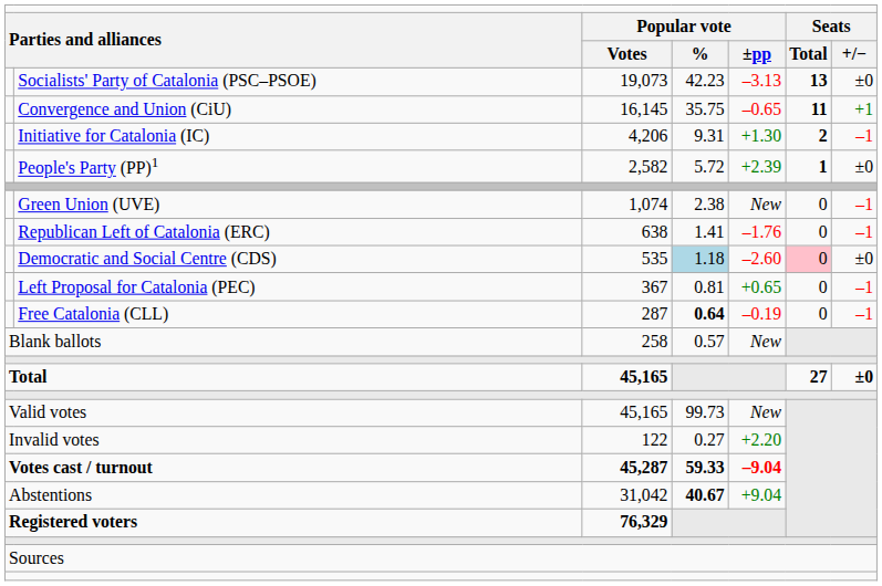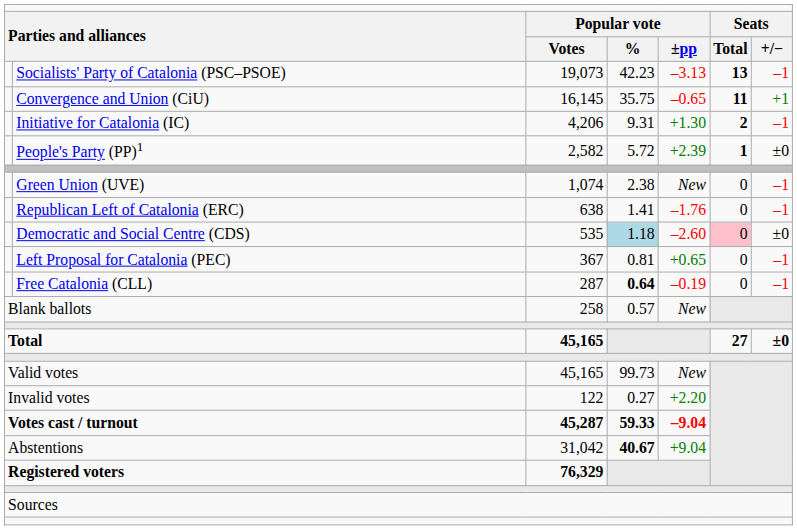 <table class="wikitable" style="text-align:right;">
 <tr>
 <td colspan="7"></td>
 </tr>
 <tr>
 <th style="text-align:left;" rowspan="2" colspan="2" width="525">Parties and alliances</th>
 <th colspan="3">Popular vote</th>
 <th colspan="2">Seats</th>
 </tr>
 <tr>
 <th width="75">Votes</th>
 <th width="45">%</th>
 <th width="45">±<a href='#'>pp</a></th>
 <th width="35">Total</th>
 <th width="35">+/−</th>
 </tr>
 <tr>
 <td width="1" style="color:inherit;background:"></td>
 <td align="left"><a href='#'>Socialists' Party of Catalonia</a> (PSC–PSOE)</td>
 <td>19,073</td>
 <td>42.23</td>
 <td style="color:red;">–3.13</td>
 <td><strong>13</strong></td>
-<td>±0</td>
+<td style="color:red;">–1</td>
 </tr>
 <tr>
 <td style="color:inherit;background:"></td>
 <td align="left"><a href='#'>Convergence and Union</a> (CiU)</td>
 <td>16,145</td>
 <td>35.75</td>
 <td style="color:red;">–0.65</td>
 <td><strong>11</strong></td>
 <td style="color:green;">+1</td>
 </tr>
 <tr>
 <td style="color:inherit;background:"></td>
 <td align="left"><a href='#'>Initiative for Catalonia</a> (IC)</td>
 <td>4,206</td>
 <td>9.31</td>
 <td style="color:green;">+1.30</td>
 <td><strong>2</strong></td>
 <td style="color:red;">–1</td>
 </tr>
 <tr>
 <td style="color:inherit;background:"></td>
 <td align="left"><a href='#'>People's Party</a> (PP)<sup>1</sup></td>
 <td>2,582</td>
 <td>5.72</td>
 <td style="color:green;">+2.39</td>
 <td><strong>1</strong></td>
 <td>±0</td>
 </tr>
 <tr>
 <td colspan="7" style="color:inherit;background:#C0C0C0"></td>
 </tr>
 <tr>
 <td style="color:inherit;background:"></td>
 <td align="left"><a href='#'>Green Union</a> (UVE)</td>
 <td>1,074</td>
 <td>2.38</td>
 <td><em>New</em></td>
 <td>0</td>
 <td style="color:red;">–1</td>
 </tr>
 <tr>
 <td style="color:inherit;background:"></td>
 <td align="left"><a href='#'>Republican Left of Catalonia</a> (ERC)</td>
 <td>638</td>
 <td>1.41</td>
 <td style="color:red;">–1.76</td>
 <td>0</td>
 <td style="color:red;">–1</td>
 </tr>
 <tr>
 <td style="color:inherit;background:"></td>
 <td align="left"><a href='#'>Democratic and Social Centre</a> (CDS)</td>
 <td>535</td>
 <td style="background: lightblue;">1.18</td>
 <td style="color:red;">–2.60</td>
 <td style="background: pink;">0</td>
 <td>±0</td>
 </tr>
 <tr>
 <td style="color:inherit;background:"></td>
 <td align="left"><a href='#'>Left Proposal for Catalonia</a> (PEC)</td>
 <td>367</td>
 <td>0.81</td>
 <td style="color:green;">+0.65</td>
 <td>0</td>
 <td style="color:red;">–1</td>
 </tr>
 <tr>
 <td style="color:inherit;background:"></td>
 <td align="left"><a href='#'>Free Catalonia</a> (CLL)</td>
 <td>287</td>
 <td><strong>0.64</strong></td>
 <td style="color:red;">–0.19</td>
 <td>0</td>
 <td style="color:red;">–1</td>
 </tr>
 <tr>
 <td align="left" colspan="2">Blank ballots</td>
 <td>258</td>
 <td>0.57</td>
 <td><em>New</em></td>
 <td style="color:inherit;background:#E9E9E9" colspan="2"></td>
 </tr>
 <tr>
 <td colspan="7" style="color:inherit;background:#E9E9E9"></td>
 </tr>
 <tr style="font-weight:bold;">
 <td align="left" colspan="2">Total</td>
 <td>45,165</td>
 <td bgcolor="#E9E9E9" colspan="2"></td>
 <td>27</td>
 <td>±0</td>
 </tr>
 <tr>
 <td colspan="7" style="color:inherit;background:#E9E9E9"></td>
 </tr>
 <tr>
 <td align="left" colspan="2">Valid votes</td>
 <td>45,165</td>
 <td>99.73</td>
 <td><em>New</em></td>
 <td bgcolor="#E9E9E9" colspan="2" rowspan="5"></td>
 </tr>
 <tr>
 <td align="left" colspan="2">Invalid votes</td>
 <td>122</td>
 <td>0.27</td>
 <td style="color:green;">+2.20</td>
 </tr>
 <tr style="font-weight:bold;">
 <td align="left" colspan="2">Votes cast / turnout</td>
 <td>45,287</td>
 <td>59.33</td>
 <td style="color:red;">–9.04</td>
 </tr>
 <tr>
 <td align="left" colspan="2">Abstentions</td>
 <td>31,042</td>
 <td><strong>40.67</strong></td>
 <td style="color:green;">+9.04</td>
 </tr>
 <tr style="font-weight:bold;">
 <td align="left" colspan="2">Registered voters</td>
 <td>76,329</td>
 <td bgcolor="#E9E9E9" colspan="2"></td>
 </tr>
 <tr>
 <td colspan="7" style="color:inherit;background:#E9E9E9"></td>
 </tr>
 <tr>
 <td align="left" colspan="7">Sources</td>
 </tr>
 <tr>
 <td colspan="7" style="text-align:left; max-width:790px;"></td>
 </tr>
 </table>
